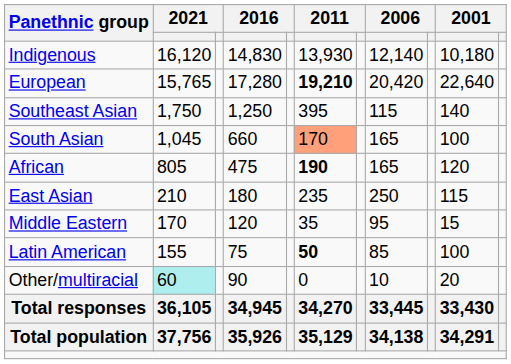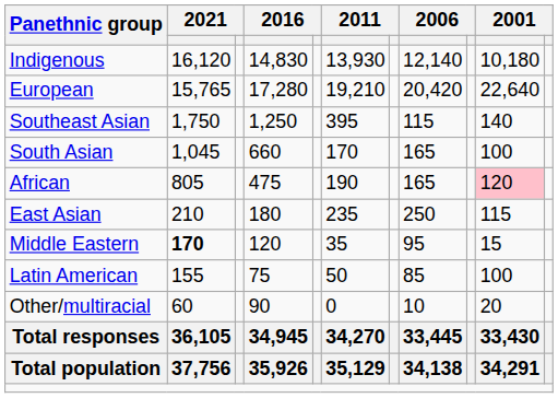 <table class="wikitable collapsible sortable">
 <tr>
 <th rowspan="2"><a href='#'>Panethnic</a> group</th>
 <th colspan="2">2021</th>
 <th colspan="2">2016</th>
 <th colspan="2">2011</th>
 <th colspan="2">2006</th>
 <th colspan="2">2001</th>
 </tr>
 <tr>
 <th><a href='#'></a></th>
 <th></th>
 <th></th>
 <th></th>
 <th></th>
 <th></th>
 <th></th>
 <th></th>
 <th></th>
 <th></th>
 </tr>
 <tr>
 <td><a href='#'>Indigenous</a></td>
 <td>16,120</td>
 <td></td>
 <td>14,830</td>
 <td></td>
 <td>13,930</td>
 <td></td>
 <td>12,140</td>
 <td></td>
 <td>10,180</td>
 <td></td>
 </tr>
 <tr>
 <td><a href='#'>European</a></td>
 <td>15,765</td>
 <td></td>
 <td>17,280</td>
 <td></td>
-<td><strong>19,210</strong></td>
+<td>19,210</td>
 <td></td>
 <td>20,420</td>
 <td></td>
 <td>22,640</td>
 <td></td>
 </tr>
 <tr>
 <td><a href='#'>Southeast Asian</a></td>
 <td>1,750</td>
 <td></td>
 <td>1,250</td>
 <td></td>
 <td>395</td>
 <td></td>
 <td>115</td>
 <td></td>
 <td>140</td>
 <td></td>
 </tr>
 <tr>
 <td><a href='#'>South Asian</a></td>
 <td>1,045</td>
 <td></td>
 <td>660</td>
 <td></td>
-<td style="background: lightsalmon;">170</td>
+<td>170</td>
 <td></td>
 <td>165</td>
 <td></td>
 <td>100</td>
 <td></td>
 </tr>
 <tr>
 <td><a href='#'>African</a></td>
 <td>805</td>
 <td></td>
 <td>475</td>
 <td></td>
-<td><strong>190</strong></td>
+<td>190</td>
 <td></td>
 <td>165</td>
 <td></td>
-<td>120</td>
+<td style="background: pink;">120</td>
 <td></td>
 </tr>
 <tr>
 <td><a href='#'>East Asian</a></td>
 <td>210</td>
 <td></td>
 <td>180</td>
 <td></td>
 <td>235</td>
 <td></td>
 <td>250</td>
 <td></td>
 <td>115</td>
 <td></td>
 </tr>
 <tr>
 <td><a href='#'>Middle Eastern</a></td>
-<td>170</td>
+<td><strong>170</strong></td>
 <td></td>
 <td>120</td>
 <td></td>
 <td>35</td>
 <td></td>
 <td>95</td>
 <td></td>
 <td>15</td>
 <td></td>
 </tr>
 <tr>
 <td><a href='#'>Latin American</a></td>
 <td>155</td>
 <td></td>
 <td>75</td>
 <td></td>
-<td><strong>50</strong></td>
+<td>50</td>
 <td></td>
 <td>85</td>
 <td></td>
 <td>100</td>
 <td></td>
 </tr>
 <tr>
 <td>Other/<a href='#'>multiracial</a></td>
-<td style="background: paleturquoise;">60</td>
+<td>60</td>
 <td></td>
 <td>90</td>
 <td></td>
 <td>0</td>
 <td></td>
 <td>10</td>
 <td></td>
 <td>20</td>
 <td></td>
 </tr>
 <tr>
 <th>Total responses</th>
 <th>36,105</th>
 <th></th>
 <th>34,945</th>
 <th></th>
 <th>34,270</th>
 <th></th>
 <th>33,445</th>
 <th></th>
 <th>33,430</th>
 <th></th>
 </tr>
 <tr class="sortbottom">
 <th>Total population</th>
 <th>37,756</th>
 <th></th>
 <th>35,926</th>
 <th></th>
 <th>35,129</th>
 <th></th>
 <th>34,138</th>
 <th></th>
 <th>34,291</th>
 <th></th>
 </tr>
 <tr class="sortbottom">
 <td colspan="11"></td>
 </tr>
 </table>
